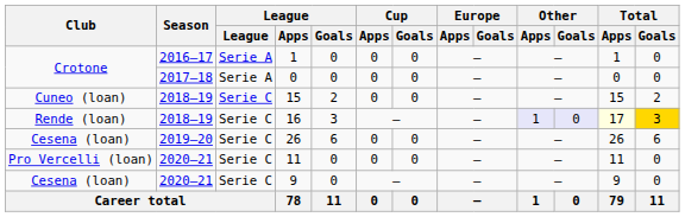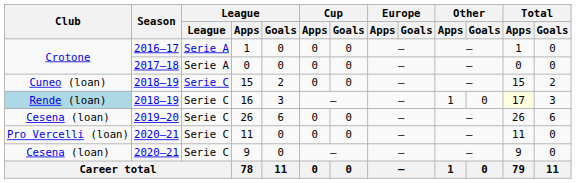 <table class="wikitable" style="text-align: center;">
 <tr>
 <th rowspan="2">Club</th>
 <th rowspan="2">Season</th>
 <th colspan="3">League</th>
 <th colspan="2">Cup</th>
 <th colspan="2">Europe</th>
 <th colspan="2">Other</th>
 <th colspan="2">Total</th>
 </tr>
 <tr>
 <th>League</th>
 <th>Apps</th>
 <th>Goals</th>
 <th>Apps</th>
 <th>Goals</th>
 <th>Apps</th>
 <th>Goals</th>
 <th>Apps</th>
 <th>Goals</th>
 <th>Apps</th>
 <th>Goals</th>
 </tr>
 <tr>
 <td rowspan="2"><a href='#'>Crotone</a></td>
 <td><a href='#'>2016–17</a></td>
 <td><a href='#'>Serie A</a></td>
 <td>1</td>
 <td>0</td>
 <td>0</td>
 <td>0</td>
 <td colspan="2">—</td>
 <td colspan="2">—</td>
 <td>1</td>
 <td>0</td>
 </tr>
 <tr>
 <td><a href='#'>2017–18</a></td>
 <td>Serie A</td>
 <td>0</td>
 <td>0</td>
 <td>0</td>
 <td>0</td>
 <td colspan="2">—</td>
 <td colspan="2">—</td>
 <td>0</td>
 <td>0</td>
 </tr>
 <tr>
 <td><a href='#'>Cuneo</a> (loan)</td>
 <td><a href='#'>2018–19</a></td>
 <td><a href='#'>Serie C</a></td>
 <td>15</td>
 <td>2</td>
 <td>0</td>
 <td>0</td>
 <td colspan="2">—</td>
 <td colspan="2">—</td>
 <td>15</td>
 <td>2</td>
 </tr>
 <tr>
-<td><a href='#'>Rende</a> (loan)</td>
+<td style="background: lightblue;"><a href='#'>Rende</a> (loan)</td>
 <td><a href='#'>2018–19</a></td>
 <td>Serie C</td>
 <td>16</td>
 <td>3</td>
 <td colspan="2">—</td>
 <td colspan="2">—</td>
-<td style="background: lavender;">1</td>
-<td style="background: lavender;">0</td>
+<td>1</td>
+<td>0</td>
 <td style="background: lightyellow;">17</td>
-<td style="background: gold;">3</td>
+<td>3</td>
 </tr>
 <tr>
 <td><a href='#'>Cesena</a> (loan)</td>
 <td><a href='#'>2019–20</a></td>
 <td>Serie C</td>
 <td>26</td>
 <td>6</td>
 <td>0</td>
 <td>0</td>
 <td colspan="2">—</td>
 <td colspan="2">—</td>
 <td>26</td>
 <td>6</td>
 </tr>
 <tr>
 <td><a href='#'>Pro Vercelli</a> (loan)</td>
 <td><a href='#'>2020–21</a></td>
 <td>Serie C</td>
 <td>11</td>
 <td>0</td>
 <td>0</td>
 <td>0</td>
 <td colspan="2">—</td>
 <td colspan="2">—</td>
 <td>11</td>
 <td>0</td>
 </tr>
 <tr>
 <td><a href='#'>Cesena</a> (loan)</td>
 <td><a href='#'>2020–21</a></td>
 <td>Serie C</td>
 <td>9</td>
 <td>0</td>
 <td colspan="2">—</td>
 <td colspan="2">—</td>
 <td colspan="2">—</td>
 <td>9</td>
 <td>0</td>
 </tr>
 <tr>
 <th colspan="3">Career total</th>
 <th>78</th>
 <th>11</th>
 <th>0</th>
 <th>0</th>
 <th colspan="2">—</th>
 <th>1</th>
 <th>0</th>
 <th>79</th>
 <th>11</th>
 </tr>
 </table>
